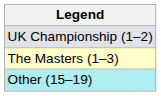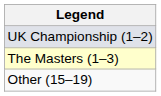 <table class="wikitable">
 <tr>
 <th>Legend</th>
 </tr>
 <tr bgcolor="dfe2e9">
 <td>UK Championship (1–2)</td>
 </tr>
 <tr bgcolor="ffffcc">
 <td>The Masters (1–3)</td>
 </tr>
 <tr>
-<td style="background: paleturquoise;">Other (15–19)</td>
+<td>Other (15–19)</td>
 </tr>
 </table>
